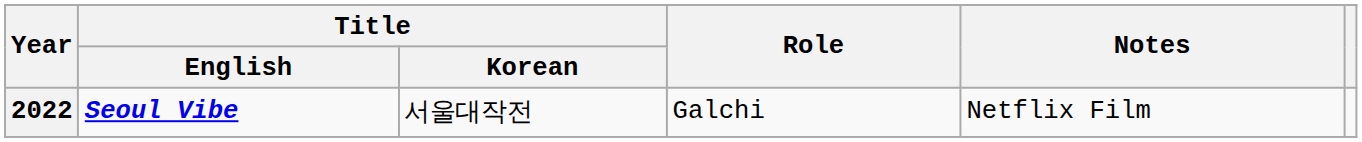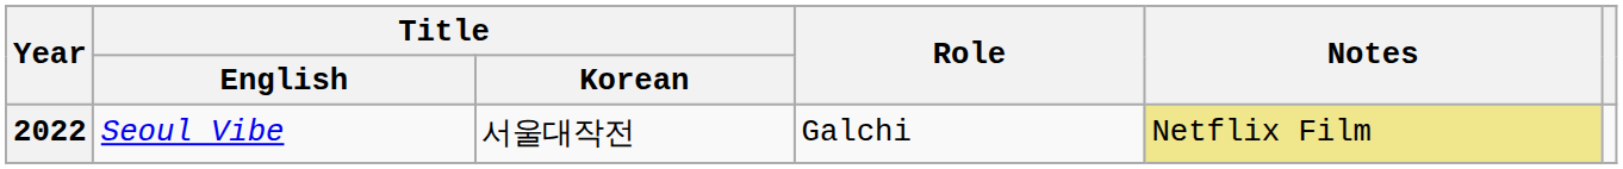 <table class="wikitable sortable plainrowheaders">
 <tr>
 <th scope="col" rowspan="2">Year</th>
 <th scope="col" colspan="2">Title</th>
 <th scope="col" rowspan="2" style="width:11em;">Role</th>
 <th scope="col" rowspan="2" style="width:14.5em;">Notes</th>
 <th scope="col" rowspan="2" class="unsortable"></th>
 </tr>
 <tr>
 <th scope="col" style="width:12em;">English</th>
 <th scope="col" style="width:10em;">Korean</th>
 </tr>
 <tr>
 <th scope="row">2022</th>
-<td><strong><em><a href='#'>Seoul Vibe</a></em></strong></td>
+<td><em><a href='#'>Seoul Vibe</a></em></td>
 <td>서울대작전</td>
 <td>Galchi</td>
-<td>Netflix Film</td>
+<td style="background: khaki;">Netflix Film</td>
 <td style="text-align:center"></td>
 </tr>
 </table>
